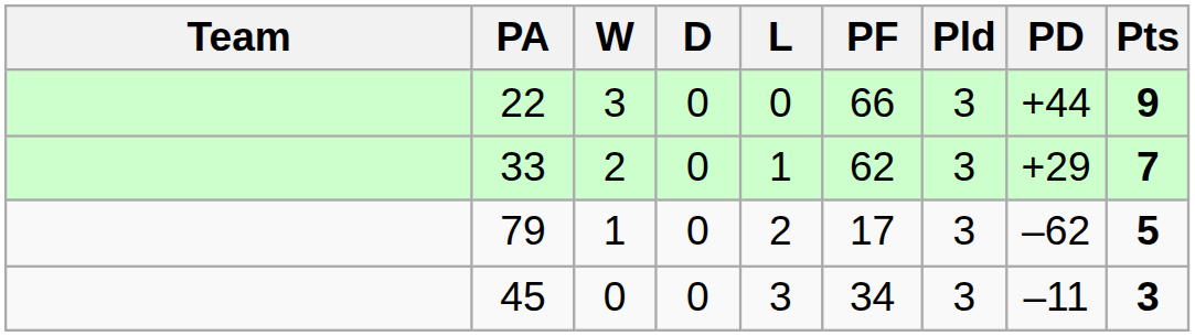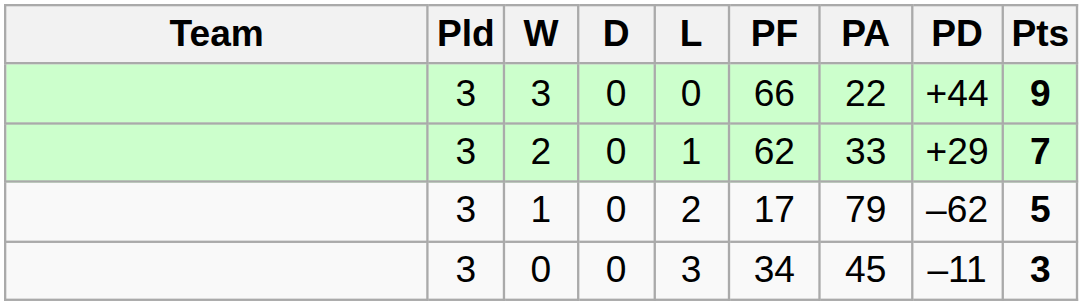 <table class="wikitable" style="text-align:center;">
 <tr>
 <th width=175>Team</th>
-<th width=32 abbr="Points against">PA</th>
+<th width=25 abbr="Played">Pld</th>
 <th width=25 abbr="Won">W</th>
 <th width=25 abbr="Drawn">D</th>
 <th width=25 abbr="Lost">L</th>
 <th width=32 abbr="Points for">PF</th>
-<th width=25 abbr="Played">Pld</th>
+<th width=32 abbr="Points against">PA</th>
 <th width=32 abbr="Points difference">PD</th>
 <th width=25 abbr="Points">Pts</th>
 </tr>
 <tr bgcolor=ccffcc>
 <td align=left></td>
-<td>22</td>
+<td>3</td>
 <td>3</td>
 <td>0</td>
 <td>0</td>
 <td>66</td>
-<td>3</td>
+<td>22</td>
 <td>+44</td>
 <td><strong>9</strong></td>
 </tr>
 <tr bgcolor=ccffcc>
 <td align=left></td>
-<td>33</td>
+<td>3</td>
 <td>2</td>
 <td>0</td>
 <td>1</td>
 <td>62</td>
-<td>3</td>
+<td>33</td>
 <td>+29</td>
 <td><strong>7</strong></td>
 </tr>
 <tr>
 <td align=left></td>
-<td>79</td>
+<td>3</td>
 <td>1</td>
 <td>0</td>
 <td>2</td>
 <td>17</td>
-<td>3</td>
+<td>79</td>
 <td>–62</td>
 <td><strong>5</strong></td>
 </tr>
 <tr>
 <td align=left></td>
-<td>45</td>
+<td>3</td>
 <td>0</td>
 <td>0</td>
 <td>3</td>
 <td>34</td>
-<td>3</td>
+<td>45</td>
 <td>–11</td>
 <td><strong>3</strong></td>
 </tr>
 </table>
